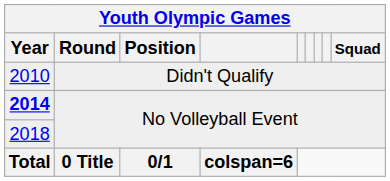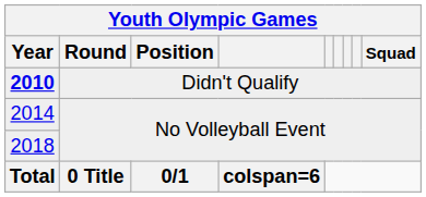 <table class="wikitable" style="text-align: center;">
 <tr>
 <th colspan=9><a href='#'>Youth Olympic Games</a></th>
 </tr>
 <tr>
 <th>Year</th>
 <th>Round</th>
 <th>Position</th>
 <th></th>
 <th></th>
 <th></th>
 <th></th>
 <th></th>
 <th><small>Squad</small></th>
 </tr>
 <tr bgcolor="efefef">
-<td> <a href='#'>2010</a></td>
+<td><strong> <a href='#'>2010</a></strong></td>
 <td colspan=9 rpwspan=1 align="center">Didn't Qualify</td>
 </tr>
 <tr bgcolor="efefef">
-<td><strong> <a href='#'>2014</a></strong></td>
+<td> <a href='#'>2014</a></td>
 <td colspan=9 rowspan=2 align=center>No Volleyball Event</td>
 </tr>
 <tr bgcolor="efefef">
 <td> <a href='#'>2018</a></td>
 </tr>
 <tr>
 <th>Total</th>
 <th>0 Title</th>
 <th>0/1</th>
 <th>colspan=6 </th>
 </tr>
 </table>
